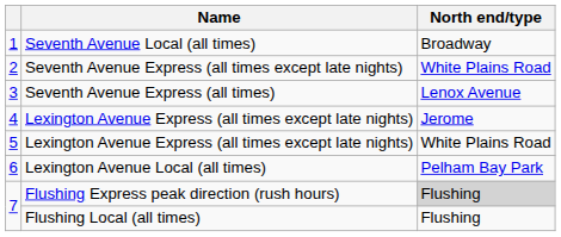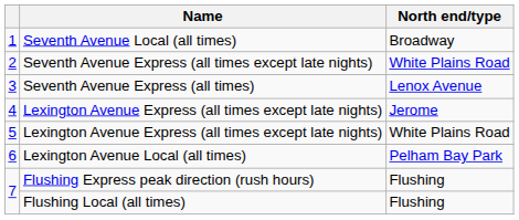 <table class=wikitable>
 <tr>
 <th></th>
 <th>Name</th>
 <th>North end/type</th>
 </tr>
 <tr>
 <td><a href='#'>1</a></td>
 <td><a href='#'>Seventh Avenue</a> Local (all times)</td>
 <td>Broadway</td>
 </tr>
 <tr>
 <td><a href='#'>2</a></td>
 <td>Seventh Avenue Express (all times except late nights)</td>
 <td><a href='#'>White Plains Road</a></td>
 </tr>
 <tr>
 <td><a href='#'>3</a></td>
 <td>Seventh Avenue Express (all times)</td>
 <td><a href='#'>Lenox Avenue</a></td>
 </tr>
 <tr>
 <td><a href='#'>4</a></td>
 <td><a href='#'>Lexington Avenue</a> Express (all times except late nights)</td>
 <td><a href='#'>Jerome</a></td>
 </tr>
 <tr>
 <td><a href='#'>5</a></td>
 <td>Lexington Avenue Express (all times except late nights)</td>
 <td>White Plains Road</td>
 </tr>
 <tr>
 <td><a href='#'>6</a></td>
 <td>Lexington Avenue Local (all times)</td>
 <td><a href='#'>Pelham Bay Park</a></td>
 </tr>
 <tr>
 <td rowspan=2><a href='#'>7</a></td>
 <td><a href='#'>Flushing</a> Express peak direction (rush hours)</td>
-<td style="background: lightgrey;">Flushing</td>
+<td>Flushing</td>
 </tr>
 <tr>
 <td>Flushing Local (all times)</td>
 <td>Flushing</td>
 </tr>
 </table>
